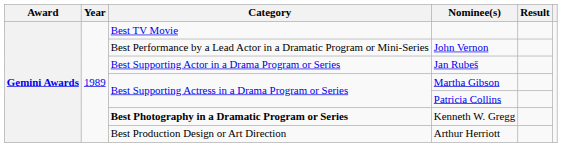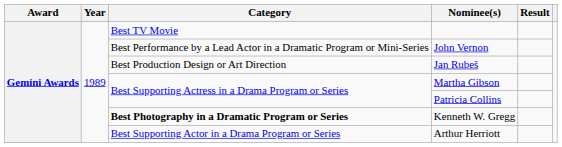 <table class="wikitable sortable plainrowheaders">
 <tr>
 <th scope="col">Award</th>
 <th scope="col">Year</th>
 <th scope="col">Category</th>
 <th scope="col">Nominee(s)</th>
 <th scope="col">Result</th>
 <th scope="col" class="unsortable"></th>
 </tr>
 <tr>
 <th scope="row" rowspan="7"><a href='#'>Gemini Awards</a></th>
 <td rowspan="7"><a href='#'>1989</a></td>
 <td><a href='#'>Best TV Movie</a></td>
 <td></td>
 <td></td>
 <td rowspan="7" style="text-align: center;"></td>
 </tr>
 <tr>
 <td>Best Performance by a Lead Actor in a Dramatic Program or Mini-Series</td>
 <td><a href='#'>John Vernon</a></td>
 <td></td>
 </tr>
 <tr>
-<td><a href='#'>Best Supporting Actor in a Drama Program or Series</a></td>
+<td>Best Production Design or Art Direction</td>
 <td><a href='#'>Jan Rubeš</a></td>
 <td></td>
 </tr>
 <tr>
 <td rowspan=2><a href='#'>Best Supporting Actress in a Drama Program or Series</a></td>
 <td><a href='#'>Martha Gibson</a></td>
 <td></td>
 </tr>
 <tr>
 <td><a href='#'>Patricia Collins</a></td>
 <td></td>
 </tr>
 <tr>
 <td><strong>Best Photography in a Dramatic Program or Series</strong></td>
 <td>Kenneth W. Gregg</td>
 <td></td>
 </tr>
 <tr>
-<td>Best Production Design or Art Direction</td>
+<td><a href='#'>Best Supporting Actor in a Drama Program or Series</a></td>
 <td>Arthur Herriott</td>
 <td></td>
 </tr>
 </table>
